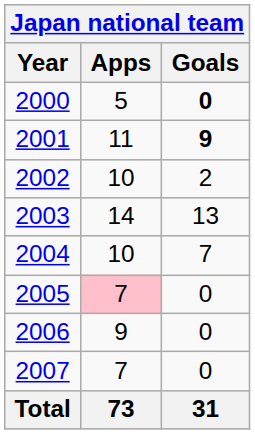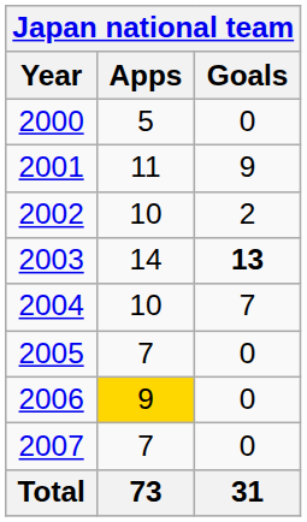 <table class="wikitable" style="text-align:center">
 <tr>
 <th colspan=3><a href='#'>Japan national team</a></th>
 </tr>
 <tr>
 <th>Year</th>
 <th>Apps</th>
 <th>Goals</th>
 </tr>
 <tr>
 <td><a href='#'>2000</a></td>
 <td>5</td>
-<td><strong>0</strong></td>
+<td>0</td>
 </tr>
 <tr>
 <td><a href='#'>2001</a></td>
 <td>11</td>
-<td><strong>9</strong></td>
+<td>9</td>
 </tr>
 <tr>
 <td><a href='#'>2002</a></td>
 <td>10</td>
 <td>2</td>
 </tr>
 <tr>
 <td><a href='#'>2003</a></td>
 <td>14</td>
-<td>13</td>
+<td><strong>13</strong></td>
 </tr>
 <tr>
 <td><a href='#'>2004</a></td>
 <td>10</td>
 <td>7</td>
 </tr>
 <tr>
 <td><a href='#'>2005</a></td>
-<td style="background: pink;">7</td>
+<td>7</td>
 <td>0</td>
 </tr>
 <tr>
 <td><a href='#'>2006</a></td>
-<td>9</td>
+<td style="background: gold;">9</td>
 <td>0</td>
 </tr>
 <tr>
 <td><a href='#'>2007</a></td>
 <td>7</td>
 <td>0</td>
 </tr>
 <tr>
 <th>Total</th>
 <th>73</th>
 <th>31</th>
 </tr>
 </table>
